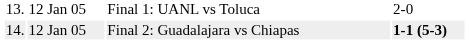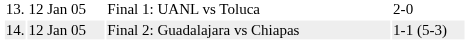 <table>
 <tr>
 <td width="20">13.</td>
 <td width="80">12 Jan 05</td>
 <td width="300">Final 1: UANL vs Toluca</td>
 <td width="75">2-0</td>
 </tr>
 <tr bgcolor=#eeeeee>
 <td>14.</td>
 <td>12 Jan 05</td>
 <td>Final 2: Guadalajara vs Chiapas</td>
-<td><strong>1-1 (5-3)</strong></td>
+<td>1-1 (5-3)</td>
 </tr>
 </table>
